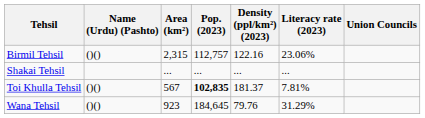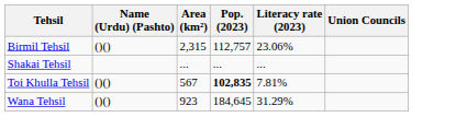 <table class="wikitable sortable static-row-numbers static-row-header-hash">
 <tr>
 <th>Tehsil</th>
 <th>Name<br>(Urdu) (Pashto)</th>
 <th>Area<br>(km²)</th>
 <th>Pop.<br>(2023)</th>
-<th>Density<br>(ppl/km²)<br>(2023)</th>
 <th>Literacy rate<br>(2023)</th>
 <th>Union Councils</th>
 </tr>
 <tr>
 <td><a href='#'>Birmil Tehsil</a></td>
 <td>()()</td>
 <td>2,315</td>
 <td>112,757</td>
-<td>122.16</td>
 <td>23.06%</td>
 <td></td>
 </tr>
 <tr>
 <td><a href='#'>Shakai Tehsil</a></td>
 <td></td>
-<td>...</td>
 <td>...</td>
 <td>...</td>
 <td>...</td>
 <td></td>
 </tr>
 <tr>
 <td><a href='#'>Toi Khulla Tehsil</a></td>
 <td>()()</td>
 <td>567</td>
 <td><strong>102,835</strong></td>
-<td>181.37</td>
 <td>7.81%</td>
 <td></td>
 </tr>
 <tr>
 <td><a href='#'>Wana Tehsil</a></td>
 <td>()()</td>
 <td>923</td>
 <td>184,645</td>
-<td>79.76</td>
 <td>31.29%</td>
 <td></td>
 </tr>
 </table>
